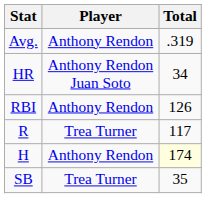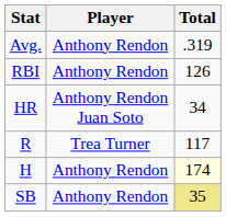 <table class="wikitable" style="width:33%;">
 <tr style="text-align:center; background:#ddd;">
 <th>Stat</th>
 <th>Player</th>
 <th>Total</th>
 </tr>
 <tr align=center>
 <td><a href='#'>Avg.</a></td>
 <td><a href='#'>Anthony Rendon</a></td>
 <td>.319</td>
 </tr>
 <tr align=center>
+<td><a href='#'>RBI</a></td>
+<td><a href='#'>Anthony Rendon</a></td>
+<td>126</td>
+</tr>
+<tr align=center>
 <td><a href='#'>HR</a></td>
 <td><a href='#'>Anthony Rendon</a><br><a href='#'>Juan Soto</a></td>
 <td>34</td>
-</tr>
-<tr align=center>
-<td><a href='#'>RBI</a></td>
-<td><a href='#'>Anthony Rendon</a></td>
-<td>126</td>
 </tr>
 <tr align=center>
 <td><a href='#'>R</a></td>
 <td><a href='#'>Trea Turner</a></td>
 <td>117</td>
 </tr>
 <tr align=center>
 <td><a href='#'>H</a></td>
 <td><a href='#'>Anthony Rendon</a></td>
 <td style="background: lightyellow;">174</td>
 </tr>
 <tr align=center>
 <td><a href='#'>SB</a></td>
-<td><a href='#'>Trea Turner</a></td>
-<td>35</td>
+<td><a href='#'>Anthony Rendon</a></td>
+<td style="background: khaki;">35</td>
 </tr>
 </table>
